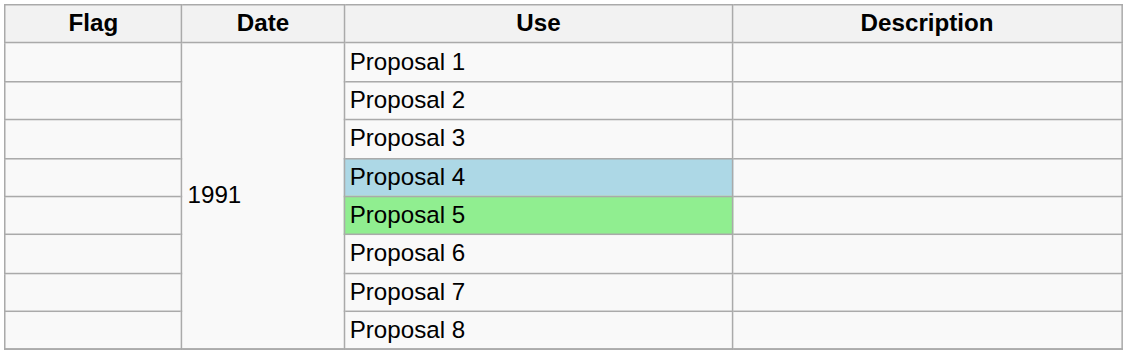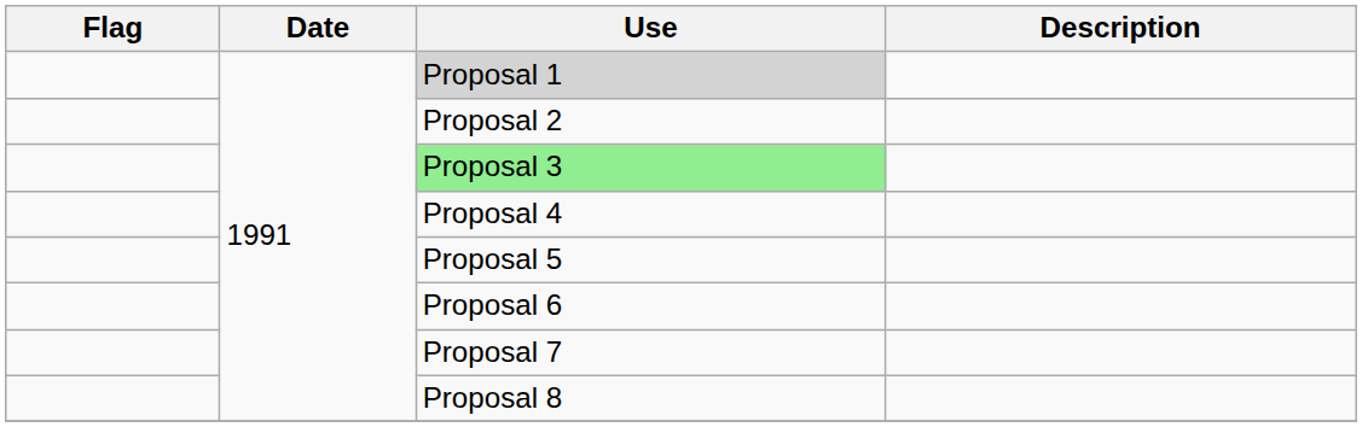 <table class="wikitable">
 <tr>
 <th width="110">Flag</th>
 <th width="100">Date</th>
 <th width="250">Use</th>
 <th width="250">Description</th>
 </tr>
 <tr>
 <td></td>
 <td rowspan="8">1991</td>
-<td>Proposal 1</td>
+<td style="background: lightgrey;">Proposal 1</td>
 </tr>
 <tr>
 <td></td>
 <td>Proposal 2</td>
 <td></td>
 </tr>
 <tr>
 <td></td>
-<td>Proposal 3</td>
+<td style="background: lightgreen;">Proposal 3</td>
 <td></td>
 </tr>
 <tr>
 <td></td>
-<td style="background: lightblue;">Proposal 4</td>
+<td>Proposal 4</td>
 <td></td>
 </tr>
 <tr>
 <td></td>
-<td style="background: lightgreen;">Proposal 5</td>
+<td>Proposal 5</td>
 <td></td>
 </tr>
 <tr>
 <td></td>
 <td>Proposal 6</td>
 <td></td>
 </tr>
 <tr>
 <td></td>
 <td>Proposal 7</td>
 <td></td>
 </tr>
 <tr>
 <td></td>
 <td>Proposal 8</td>
 <td></td>
 </tr>
 <tr>
 </tr>
 </table>
